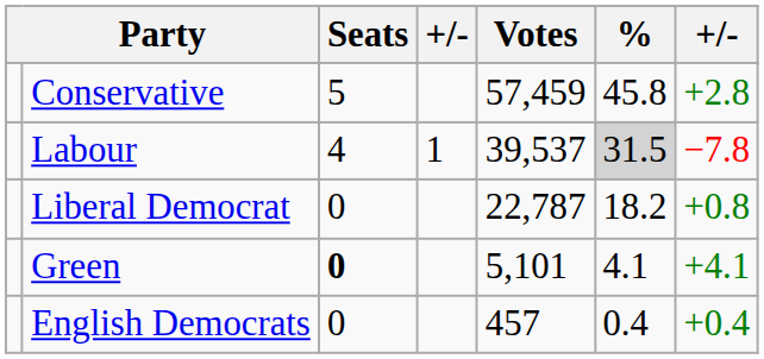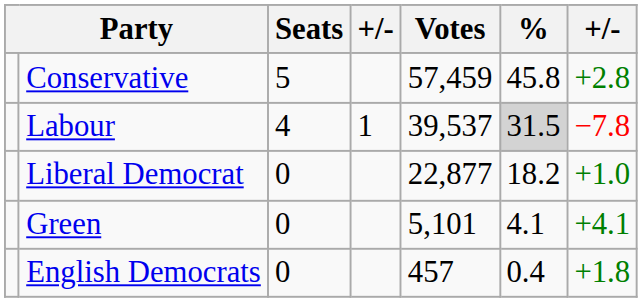 <table class="wikitable">
 <tr>
 <th colspan="2">Party</th>
 <th>Seats</th>
 <th>+/-</th>
 <th>Votes</th>
 <th>%</th>
 <th>+/-</th>
 </tr>
 <tr>
 <td style="background-color: "></td>
 <td><a href='#'>Conservative</a></td>
 <td>5</td>
 <td></td>
 <td>57,459</td>
 <td>45.8</td>
 <td style="color:green">+2.8</td>
 </tr>
 <tr>
 <td style="background-color: "></td>
 <td><a href='#'>Labour</a></td>
 <td>4</td>
 <td> 1</td>
 <td>39,537</td>
 <td style="background: lightgrey;">31.5</td>
 <td style="color:red">−7.8</td>
 </tr>
 <tr>
 <td style="background-color: "></td>
 <td><a href='#'>Liberal Democrat</a></td>
 <td>0</td>
 <td></td>
-<td>22,787</td>
+<td>22,877</td>
 <td>18.2</td>
-<td style="color:green">+0.8</td>
+<td style="color:green">+1.0</td>
 </tr>
 <tr>
 <td style="background-color: "></td>
 <td><a href='#'>Green</a></td>
-<td><strong>0</strong></td>
+<td>0</td>
 <td></td>
 <td>5,101</td>
 <td>4.1</td>
 <td style="color:green">+4.1</td>
 </tr>
 <tr>
 <td style="background-color: "></td>
 <td><a href='#'>English Democrats</a></td>
 <td>0</td>
 <td></td>
 <td>457</td>
 <td>0.4</td>
-<td style="color:green">+0.4</td>
+<td style="color:green">+1.8</td>
 </tr>
 </table>
